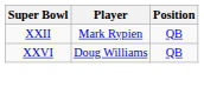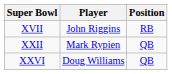 <table class="wikitable" style="text-align:center">
 <tr>
 <th>Super Bowl</th>
 <th>Player</th>
 <th>Position</th>
+</tr>
+<tr>
+<td><a href='#'>XVII</a></td>
+<td><a href='#'>John Riggins</a></td>
+<td><a href='#'>RB</a></td>
 </tr>
 <tr>
 <td><a href='#'>XXII</a></td>
 <td><a href='#'>Mark Rypien</a></td>
 <td><a href='#'>QB</a></td>
 </tr>
 <tr>
 <td><a href='#'>XXVI</a></td>
 <td><a href='#'>Doug Williams</a></td>
 <td><a href='#'>QB</a></td>
 </tr>
 </table>
